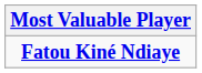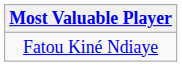 <table class=wikitable style="text-align:center; margin:auto">
 <tr>
 <th><a href='#'>Most Valuable Player</a></th>
 </tr>
 <tr>
-<td><strong> <a href='#'>Fatou Kiné Ndiaye</a></strong></td>
+<td> <a href='#'>Fatou Kiné Ndiaye</a></td>
 </tr>
 </table>
